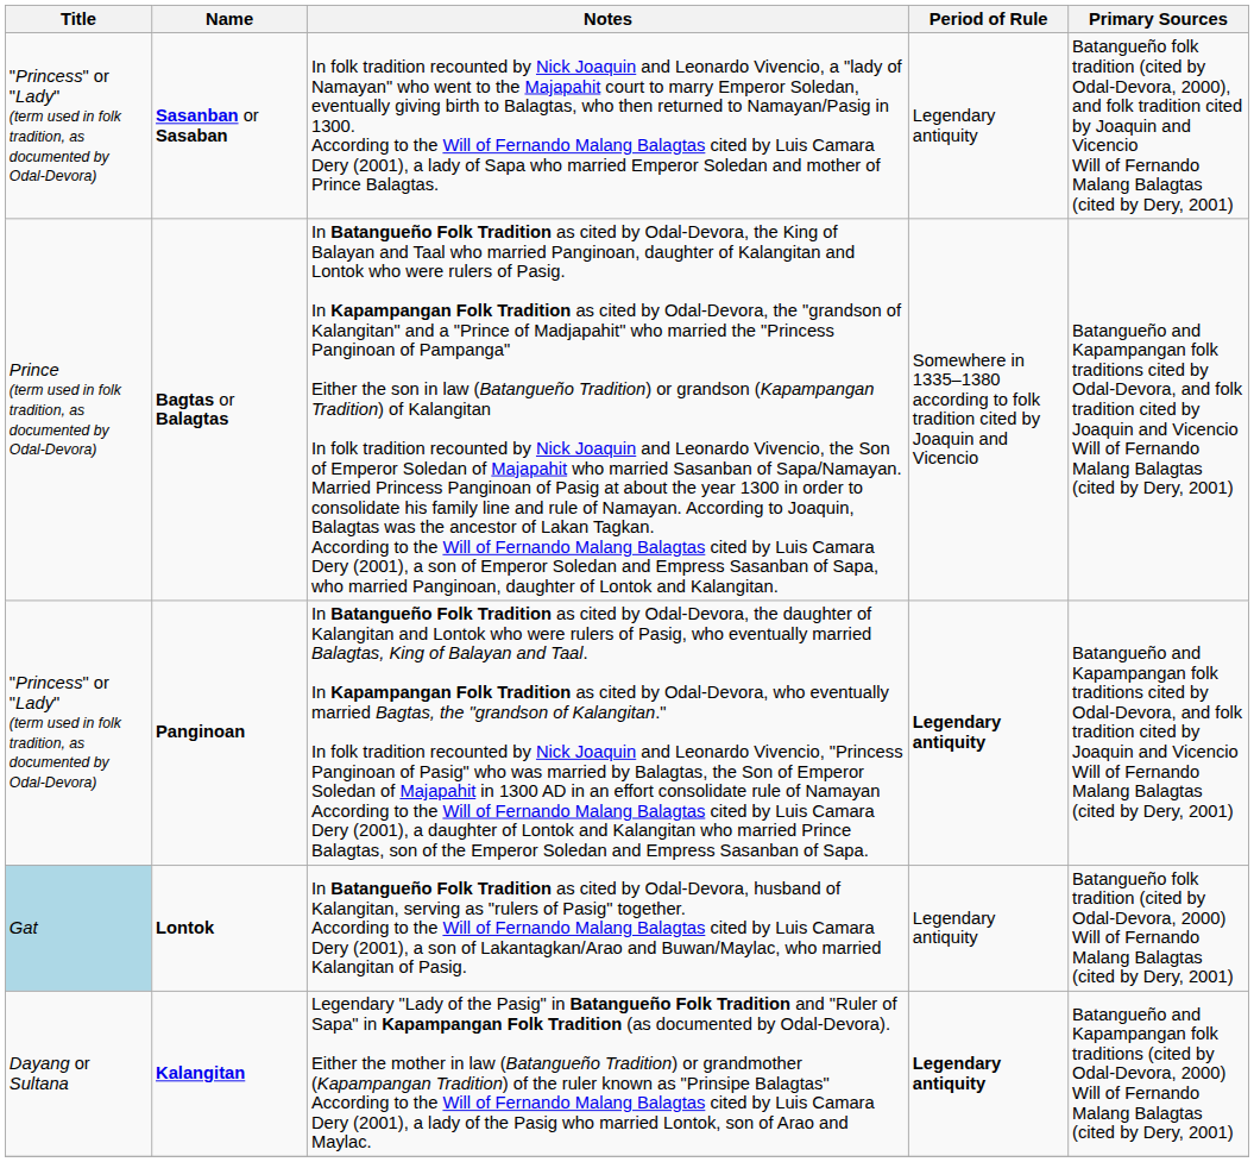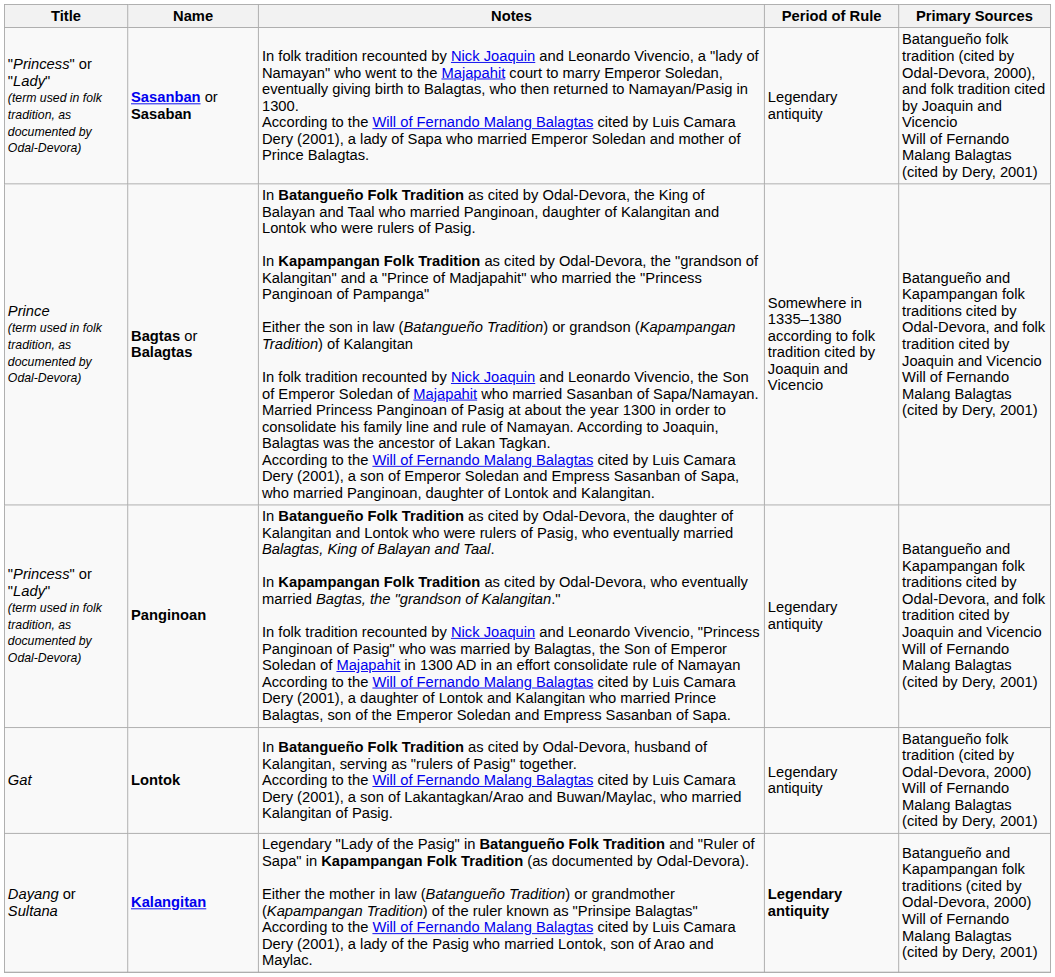 <table width=90% class="wikitable">
 <tr>
 <th width=5%,>Title</th>
 <th width=5%,>Name</th>
 <th width=25%>Notes</th>
 <th width=5%>Period of Rule</th>
 <th width=5%>Primary Sources</th>
 </tr>
 <tr>
 <td>"<em>Princess</em>" or "<em>Lady</em>"<em><br><small>(term used in folk tradition, as documented by Odal-Devora)</small></em></td>
 <td><strong><a href='#'>Sasanban</a></strong> or <strong>Sasaban</strong></td>
 <td>In folk tradition recounted by <a href='#'>Nick Joaquin</a> and Leonardo Vivencio, a "lady of Namayan" who went to the <a href='#'>Majapahit</a> court to marry Emperor Soledan, eventually giving birth to Balagtas, who then returned to Namayan/Pasig in 1300.<br>According to the <a href='#'>Will of Fernando Malang Balagtas</a> cited by Luis Camara Dery (2001), a lady of Sapa who married Emperor Soledan and mother of Prince Balagtas.<strong></strong></td>
 <td>Legendary antiquity</td>
 <td>Batangueño folk tradition (cited by Odal-Devora, 2000), and folk tradition cited by Joaquin and Vicencio<br>Will of Fernando Malang Balagtas (cited by Dery, 2001<strong></strong>)</td>
 </tr>
 <tr>
 <td><em>Prince</em><em><br><small>(term used in folk tradition, as documented by Odal-Devora)</small></em></td>
 <td><strong>Bagtas</strong> or <strong>Balagtas</strong></td>
 <td>In <strong>Batangueño Folk Tradition</strong> as cited by Odal-Devora, the King of Balayan and Taal who married Panginoan, daughter of Kalangitan and Lontok who were rulers of Pasig.<br> <br> In <strong>Kapampangan Folk Tradition</strong> as cited by Odal-Devora, the "grandson of Kalangitan" and a "Prince of Madjapahit" who married the "Princess Panginoan of Pampanga"<br><br> Either the son in law (<em>Batangueño Tradition</em>) or grandson (<em>Kapampangan Tradition</em>) of Kalangitan<br> <br>In folk tradition recounted by <a href='#'>Nick Joaquin</a> and Leonardo Vivencio, the Son of Emperor Soledan of <a href='#'>Majapahit</a> who married Sasanban of Sapa/Namayan. Married Princess Panginoan of Pasig at about the year 1300 in order to consolidate his family line and rule of Namayan. According to Joaquin, Balagtas was the ancestor of Lakan Tagkan. <br>According to the <a href='#'>Will of Fernando Malang Balagtas</a> cited by Luis Camara Dery (2001), a son of Emperor Soledan and Empress Sasanban of Sapa, who married Panginoan, daughter of Lontok and Kalangitan.<strong></strong></td>
 <td>Somewhere in 1335–1380 according to folk tradition cited by Joaquin and Vicencio</td>
 <td>Batangueño and Kapampangan folk traditions cited by Odal-Devora, and folk tradition cited by Joaquin and Vicencio<br>Will of Fernando Malang Balagtas (cited by Dery, 2001<strong></strong>)</td>
 </tr>
 <tr>
 <td>"<em>Princess</em>" or "<em>Lady</em>"<em><br><small>(term used in folk tradition, as documented by Odal-Devora)</small></em></td>
 <td><strong>Panginoan</strong></td>
 <td>In <strong>Batangueño Folk Tradition</strong> as cited by Odal-Devora, the daughter of Kalangitan and Lontok who were rulers of Pasig, who eventually married <em>Balagtas, King of Balayan and Taal</em>.<br> <br>In <strong>Kapampangan Folk Tradition</strong> as cited by Odal-Devora, who eventually married <em>Bagtas, the "grandson of Kalangitan</em>."<br> <br>In folk tradition recounted by <a href='#'>Nick Joaquin</a> and Leonardo Vivencio, "Princess Panginoan of Pasig" who was married by Balagtas, the Son of Emperor Soledan of <a href='#'>Majapahit</a> in 1300 AD in an effort consolidate rule of Namayan<br>According to the <a href='#'>Will of Fernando Malang Balagtas</a> cited by Luis Camara Dery (2001), a daughter of Lontok and Kalangitan who married Prince Balagtas, son of the Emperor Soledan and Empress Sasanban of Sapa.<strong></strong></td>
-<td><strong>Legendary antiquity</strong></td>
+<td>Legendary antiquity</td>
 <td>Batangueño and Kapampangan folk traditions cited by Odal-Devora, and folk tradition cited by Joaquin and Vicencio<br>Will of Fernando Malang Balagtas (cited by Dery, 2001<strong></strong>)</td>
 </tr>
 <tr>
-<td style="background: lightblue;"><em>Gat</em></td>
+<td><em>Gat</em></td>
 <td><strong>Lontok</strong></td>
 <td>In <strong>Batangueño Folk Tradition</strong> as cited by Odal-Devora, husband of Kalangitan, serving as "rulers of Pasig" together.<br>According to the <a href='#'>Will of Fernando Malang Balagtas</a> cited by Luis Camara Dery (2001), a son of Lakantagkan/Arao and Buwan/Maylac, who married Kalangitan of Pasig.<strong></strong></td>
 <td>Legendary antiquity</td>
 <td>Batangueño folk tradition (cited by Odal-Devora, 2000)<br>Will of Fernando Malang Balagtas (cited by Dery, 2001<strong></strong>)</td>
 </tr>
 <tr>
 <td><em>Dayang</em> or <em>Sultana</em></td>
 <td><strong><a href='#'>Kalangitan</a></strong></td>
 <td>Legendary "Lady of the Pasig" in <strong>Batangueño Folk Tradition</strong> and "Ruler of Sapa" in <strong>Kapampangan Folk Tradition</strong> (as documented by Odal-Devora). <br><br>Either the mother in law (<em>Batangueño Tradition</em>) or grandmother (<em>Kapampangan Tradition</em>) of the ruler known as "Prinsipe Balagtas"<br>According to the <a href='#'>Will of Fernando Malang Balagtas</a> cited by Luis Camara Dery (2001), a lady of the Pasig who married Lontok, son of Arao and Maylac.<strong></strong></td>
 <td><strong>Legendary antiquity</strong></td>
 <td>Batangueño and Kapampangan folk traditions (cited by Odal-Devora, 2000)<br>Will of Fernando Malang Balagtas (cited by Dery, 2001<strong></strong>)</td>
 </tr>
 <tr>
 </tr>
 </table>
